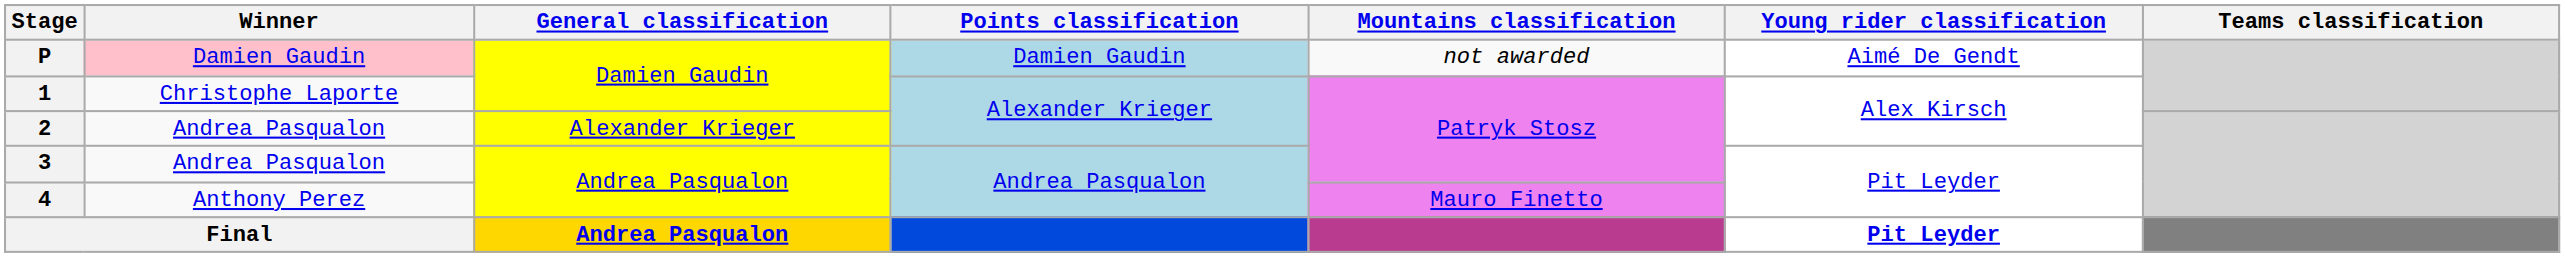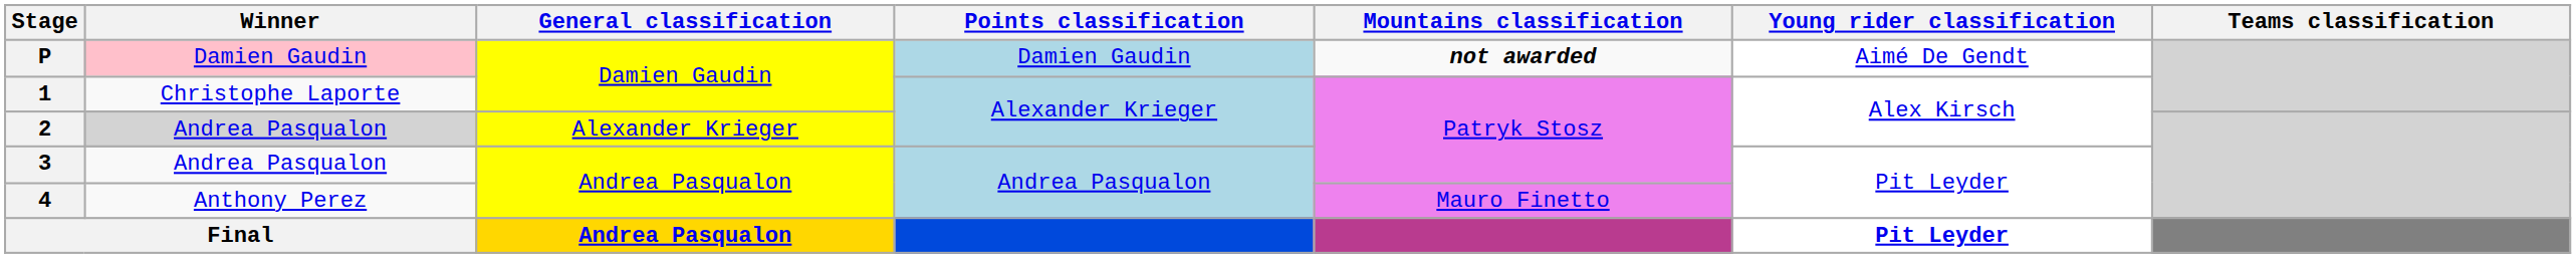 <table class="wikitable" style="text-align: center; font-size:smaller;">
 <tr>
 <th style="width:1%;">Stage</th>
 <th style="width:14%;">Winner</th>
 <th style="width:15%;"><a href='#'>General classification</a><br></th>
 <th style="width:15%;"><a href='#'>Points classification</a><br></th>
 <th style="width:15%;"><a href='#'>Mountains classification</a><br></th>
 <th style="width:15%;"><a href='#'>Young rider classification</a><br></th>
 <th style="width:15%;">Teams classification</th>
 </tr>
 <tr>
 <th>P</th>
 <td style="background: pink;"><a href='#'>Damien Gaudin</a></td>
 <td style="background:yellow;" rowspan="2"><a href='#'>Damien Gaudin</a></td>
 <td style="background:lightblue;"><a href='#'>Damien Gaudin</a></td>
-<td><em>not awarded</em></td>
+<td><strong><em>not awarded</em></strong></td>
 <td style="background:white;"><a href='#'>Aimé De Gendt</a></td>
 <td style="background:lightgrey;" rowspan="2"></td>
 </tr>
 <tr>
 <th>1</th>
 <td><a href='#'>Christophe Laporte</a></td>
 <td style="background:lightblue;" rowspan="2"><a href='#'>Alexander Krieger</a></td>
 <td style="background:violet;" rowspan="3"><a href='#'>Patryk Stosz</a></td>
 <td style="background:white;" rowspan="2"><a href='#'>Alex Kirsch</a></td>
 </tr>
 <tr>
 <th>2</th>
-<td><a href='#'>Andrea Pasqualon</a></td>
+<td style="background: lightgrey;"><a href='#'>Andrea Pasqualon</a></td>
 <td style="background:yellow;"><a href='#'>Alexander Krieger</a></td>
 <td style="background:lightgrey;" rowspan="3"></td>
 </tr>
 <tr>
 <th>3</th>
 <td><a href='#'>Andrea Pasqualon</a></td>
 <td style="background:yellow;" rowspan="2"><a href='#'>Andrea Pasqualon</a></td>
 <td style="background:lightblue;" rowspan="2"><a href='#'>Andrea Pasqualon</a></td>
 <td style="background:white;" rowspan="2"><a href='#'>Pit Leyder</a></td>
 </tr>
 <tr>
 <th>4</th>
 <td><a href='#'>Anthony Perez</a></td>
 <td style="background:violet;"><a href='#'>Mauro Finetto</a></td>
 </tr>
 <tr>
 <th colspan="2">Final</th>
 <th style="background:gold;"><a href='#'>Andrea Pasqualon</a></th>
 <th style="background:#0049DC;"></th>
 <th style="background:#B93B8F;"></th>
 <th style="background:white;"><a href='#'>Pit Leyder</a></th>
 <th style="background:grey;"></th>
 </tr>
 </table>
